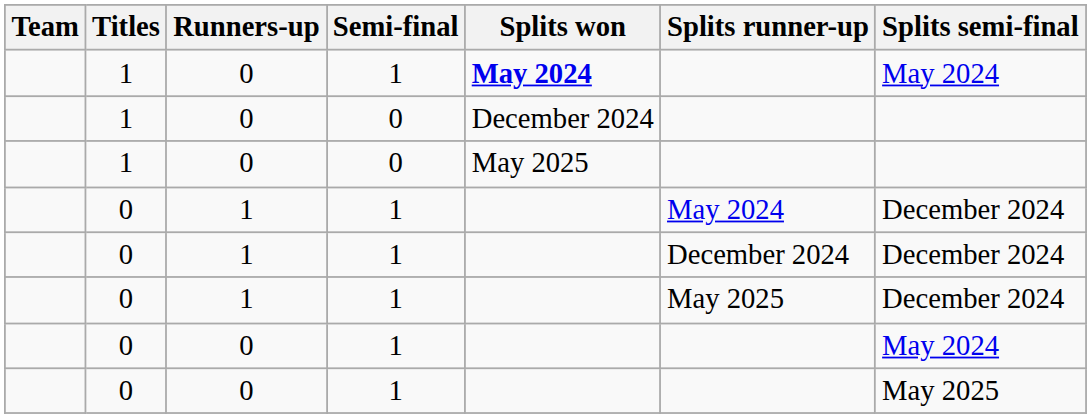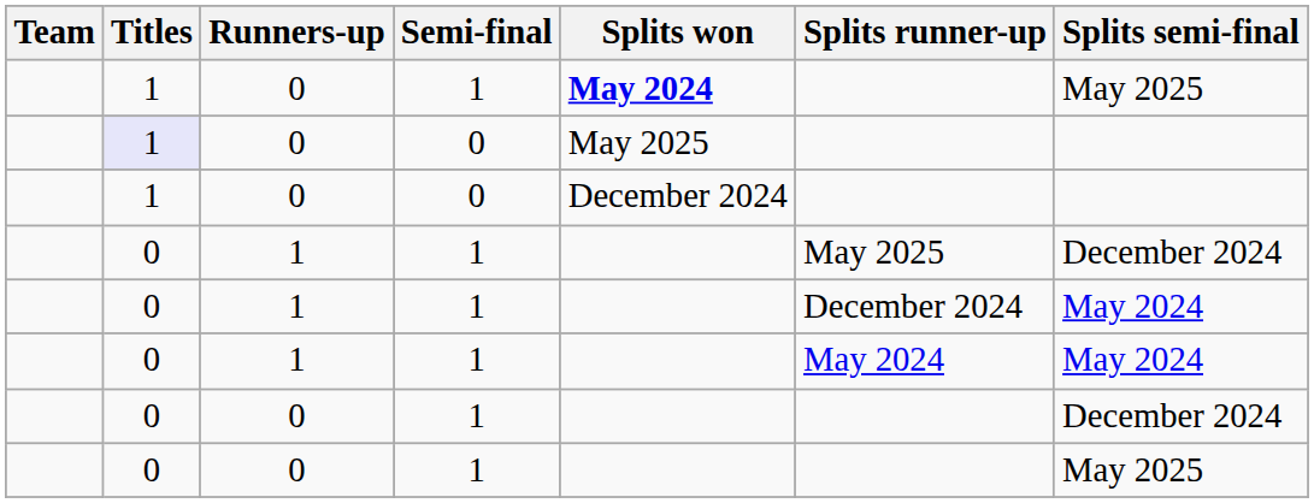 <table class="wikitable sortable">
 <tr>
 <th>Team</th>
 <th>Titles</th>
 <th>Runners-up</th>
 <th>Semi-final</th>
 <th>Splits won</th>
 <th>Splits runner-up</th>
 <th>Splits semi-final</th>
 </tr>
 <tr>
 <td></td>
 <td align=center>1</td>
 <td align=center>0</td>
 <td align=center>1</td>
 <td><strong><a href='#'>May 2024</a></strong></td>
 <td></td>
-<td><a href='#'>May 2024</a></td>
+<td>May 2025</td>
+</tr>
+<tr>
+<td></td>
+<td align=center style="background: lavender;">1</td>
+<td align=center>0</td>
+<td align=center>0</td>
+<td>May 2025</td>
+<td></td>
+<td></td>
 </tr>
 <tr>
 <td></td>
 <td align=center>1</td>
 <td align=center>0</td>
 <td align=center>0</td>
 <td>December 2024</td>
 <td></td>
 <td></td>
-</tr>
-<tr>
-<td></td>
-<td align=center>1</td>
-<td align=center>0</td>
-<td align=center>0</td>
-<td>May 2025</td>
-<td></td>
-<td></td>
-</tr>
-<tr>
-<td></td>
-<td align=center>0</td>
-<td align=center>1</td>
-<td align=center>1</td>
-<td></td>
-<td><a href='#'>May 2024</a></td>
-<td>December 2024</td>
-</tr>
-<tr>
-<td></td>
-<td align=center>0</td>
-<td align=center>1</td>
-<td align=center>1</td>
-<td></td>
-<td>December 2024</td>
-<td>December 2024</td>
 </tr>
 <tr>
 <td></td>
 <td align=center>0</td>
 <td align=center>1</td>
 <td align=center>1</td>
 <td></td>
 <td>May 2025</td>
 <td>December 2024</td>
 </tr>
 <tr>
 <td></td>
 <td align=center>0</td>
+<td align=center>1</td>
+<td align=center>1</td>
+<td></td>
+<td>December 2024</td>
+<td><a href='#'>May 2024</a></td>
+</tr>
+<tr>
+<td></td>
+<td align=center>0</td>
+<td align=center>1</td>
+<td align=center>1</td>
+<td></td>
+<td><a href='#'>May 2024</a></td>
+<td><a href='#'>May 2024</a></td>
+</tr>
+<tr>
+<td></td>
+<td align=center>0</td>
 <td align=center>0</td>
 <td align=center>1</td>
 <td></td>
 <td></td>
-<td><a href='#'>May 2024</a></td>
+<td>December 2024</td>
 </tr>
 <tr>
 <td></td>
 <td align=center>0</td>
 <td align=center>0</td>
 <td align=center>1</td>
 <td></td>
 <td></td>
 <td>May 2025</td>
 </tr>
 </table>
